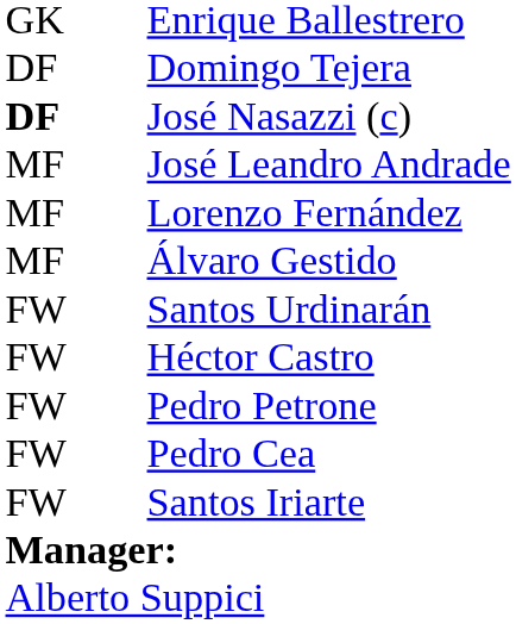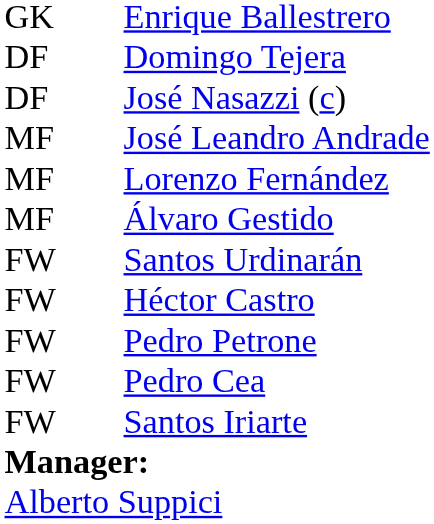 <table style="font-size:90%; margin:0.2em auto;" cellspacing="0" cellpadding="0">
 <tr>
 <th width="25"></th>
 <th width="25"></th>
 </tr>
 <tr>
 <td>GK</td>
 <td></td>
 <td><a href='#'>Enrique Ballestrero</a></td>
 </tr>
 <tr>
 <td>DF</td>
 <td></td>
 <td><a href='#'>Domingo Tejera</a></td>
 </tr>
 <tr>
-<td><strong>DF</strong></td>
+<td>DF</td>
 <td></td>
 <td><a href='#'>José Nasazzi</a> (<a href='#'>c</a>)</td>
 </tr>
 <tr>
 <td>MF</td>
 <td></td>
 <td><a href='#'>José Leandro Andrade</a></td>
 </tr>
 <tr>
 <td>MF</td>
 <td></td>
 <td><a href='#'>Lorenzo Fernández</a></td>
 </tr>
 <tr>
 <td>MF</td>
 <td></td>
 <td><a href='#'>Álvaro Gestido</a></td>
 </tr>
 <tr>
 <td>FW</td>
 <td></td>
 <td><a href='#'>Santos Urdinarán</a></td>
 </tr>
 <tr>
 <td>FW</td>
 <td></td>
 <td><a href='#'>Héctor Castro</a></td>
 </tr>
 <tr>
 <td>FW</td>
 <td></td>
 <td><a href='#'>Pedro Petrone</a></td>
 </tr>
 <tr>
 <td>FW</td>
 <td></td>
 <td><a href='#'>Pedro Cea</a></td>
 </tr>
 <tr>
 <td>FW</td>
 <td></td>
 <td><a href='#'>Santos Iriarte</a></td>
 </tr>
 <tr>
 <td colspan=3><strong>Manager:</strong></td>
 </tr>
 <tr>
 <td colspan=4><a href='#'>Alberto Suppici</a></td>
 </tr>
 </table>
